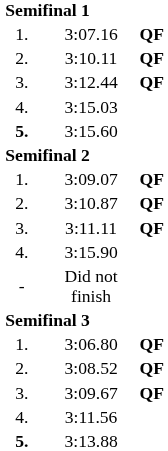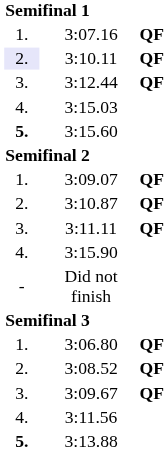 <table style="text-align:center">
 <tr>
 <td colspan=4 align=left><strong>Semifinal 1</strong></td>
 </tr>
 <tr>
 <td width=30>1.</td>
 <td align=left></td>
 <td width=80>3:07.16</td>
 <td><strong>QF</strong></td>
 </tr>
 <tr>
-<td>2.</td>
+<td style="background: lavender;">2.</td>
 <td align=left></td>
 <td>3:10.11</td>
 <td><strong>QF</strong></td>
 </tr>
 <tr>
 <td>3.</td>
 <td align=left></td>
 <td>3:12.44</td>
 <td><strong>QF</strong></td>
 </tr>
 <tr>
 <td>4.</td>
 <td align=left></td>
 <td>3:15.03</td>
 <td></td>
 </tr>
 <tr>
 <td><strong>5.</strong></td>
 <td align=left></td>
 <td>3:15.60</td>
 <td></td>
 </tr>
 <tr>
 <td colspan=4 align=left><strong>Semifinal 2</strong></td>
 </tr>
 <tr>
 <td width=30>1.</td>
 <td align=left></td>
 <td width=80>3:09.07</td>
 <td><strong>QF</strong></td>
 </tr>
 <tr>
 <td>2.</td>
 <td align=left></td>
 <td>3:10.87</td>
 <td><strong>QF</strong></td>
 </tr>
 <tr>
 <td>3.</td>
 <td align=left></td>
 <td>3:11.11</td>
 <td><strong>QF</strong></td>
 </tr>
 <tr>
 <td>4.</td>
 <td align=left></td>
 <td>3:15.90</td>
 <td></td>
 </tr>
 <tr>
 <td>-</td>
 <td align=left></td>
 <td>Did not finish</td>
 <td></td>
 </tr>
 <tr>
 <td colspan=4 align=left><strong>Semifinal 3</strong></td>
 </tr>
 <tr>
 <td width=30>1.</td>
 <td align=left></td>
 <td width=80>3:06.80</td>
 <td><strong>QF</strong></td>
 </tr>
 <tr>
 <td>2.</td>
 <td align=left></td>
 <td>3:08.52</td>
 <td><strong>QF</strong></td>
 </tr>
 <tr>
 <td>3.</td>
 <td align=left></td>
 <td>3:09.67</td>
 <td><strong>QF</strong></td>
 </tr>
 <tr>
 <td>4.</td>
 <td align=left></td>
 <td>3:11.56</td>
 <td></td>
 </tr>
 <tr>
 <td><strong>5.</strong></td>
 <td align=left></td>
 <td>3:13.88</td>
 <td></td>
 </tr>
 </table>
